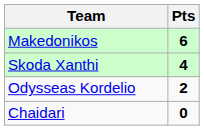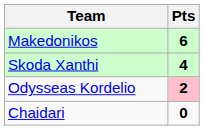 <table class="wikitable" style="text-align: center;">
 <tr>
 <th width=165>Team</th>
 <th width=20>Pts</th>
 </tr>
 <tr bgcolor="#ccffcc">
 <td align=left><a href='#'>Makedonikos</a></td>
 <td><strong>6</strong></td>
 </tr>
 <tr bgcolor="#ccffcc">
 <td align=left><a href='#'>Skoda Xanthi</a></td>
 <td><strong>4</strong></td>
 </tr>
 <tr>
 <td align=left><a href='#'>Odysseas Kordelio</a></td>
-<td><strong>2</strong></td>
+<td style="background: pink;"><strong>2</strong></td>
 </tr>
 <tr>
 <td align=left><a href='#'>Chaidari</a></td>
 <td><strong>0</strong></td>
 </tr>
 </table>
